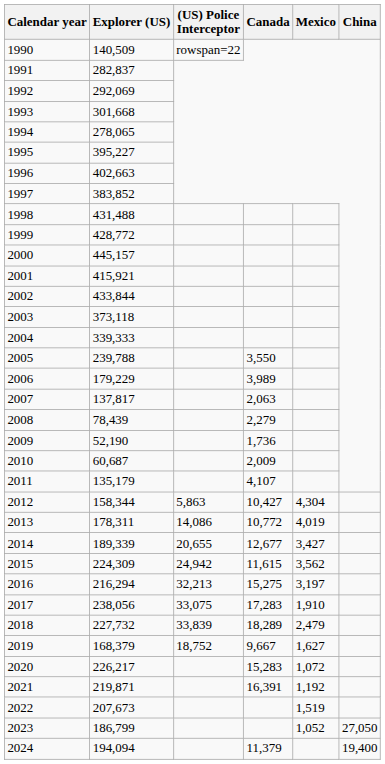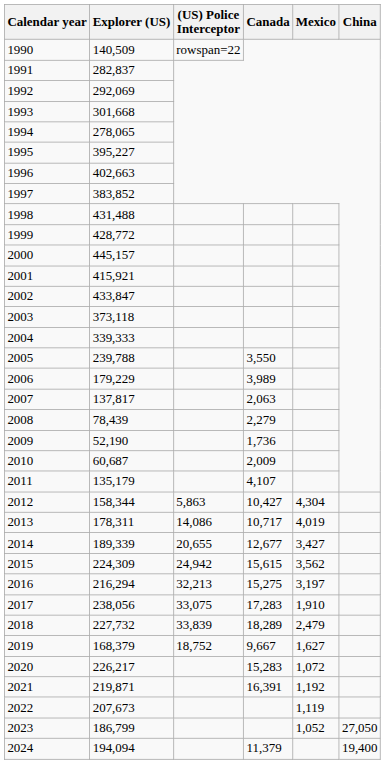 <table class="wikitable">
 <tr>
 <th>Calendar year</th>
 <th>Explorer (US)</th>
 <th>(US) Police <br> Interceptor</th>
 <th>Canada</th>
 <th>Mexico</th>
 <th>China</th>
 </tr>
 <tr>
 <td>1990</td>
 <td>140,509</td>
 <td>rowspan=22 </td>
 </tr>
 <tr>
 <td>1991</td>
 <td>282,837</td>
 </tr>
 <tr>
 <td>1992</td>
 <td>292,069</td>
 </tr>
 <tr>
 <td>1993</td>
 <td>301,668</td>
 </tr>
 <tr>
 <td>1994</td>
 <td>278,065</td>
 </tr>
 <tr>
 <td>1995</td>
 <td>395,227</td>
 </tr>
 <tr>
 <td>1996</td>
 <td>402,663</td>
 </tr>
 <tr>
 <td>1997</td>
 <td>383,852</td>
 </tr>
 <tr>
 <td>1998</td>
 <td>431,488</td>
 <td></td>
 <td></td>
 <td></td>
 </tr>
 <tr>
 <td>1999</td>
 <td>428,772</td>
 <td></td>
 <td></td>
 <td></td>
 </tr>
 <tr>
 <td>2000</td>
 <td>445,157</td>
 <td></td>
 <td></td>
 <td></td>
 </tr>
 <tr>
 <td>2001</td>
 <td>415,921</td>
 <td></td>
 <td></td>
 <td></td>
 </tr>
 <tr>
 <td>2002</td>
-<td>433,844</td>
+<td>433,847</td>
 <td></td>
 <td></td>
 <td></td>
 </tr>
 <tr>
 <td>2003</td>
 <td>373,118</td>
 <td></td>
 <td></td>
 <td></td>
 </tr>
 <tr>
 <td>2004</td>
 <td>339,333</td>
 <td></td>
 <td></td>
 <td></td>
 </tr>
 <tr>
 <td>2005</td>
 <td>239,788</td>
 <td></td>
 <td>3,550</td>
 <td></td>
 </tr>
 <tr>
 <td>2006</td>
 <td>179,229</td>
 <td></td>
 <td>3,989</td>
 <td></td>
 </tr>
 <tr>
 <td>2007</td>
 <td>137,817</td>
 <td></td>
 <td>2,063</td>
 <td></td>
 </tr>
 <tr>
 <td>2008</td>
 <td>78,439</td>
 <td></td>
 <td>2,279</td>
 <td></td>
 </tr>
 <tr>
 <td>2009</td>
 <td>52,190</td>
 <td></td>
 <td>1,736</td>
 <td></td>
 </tr>
 <tr>
 <td>2010</td>
 <td>60,687</td>
 <td></td>
 <td>2,009</td>
 <td></td>
 </tr>
 <tr>
 <td>2011</td>
 <td>135,179</td>
 <td></td>
 <td>4,107</td>
 <td></td>
 </tr>
 <tr>
 <td>2012</td>
 <td>158,344</td>
 <td>5,863</td>
 <td>10,427</td>
 <td>4,304</td>
 <td></td>
 </tr>
 <tr>
 <td>2013</td>
 <td>178,311</td>
 <td>14,086</td>
-<td>10,772</td>
+<td>10,717</td>
 <td>4,019</td>
 <td></td>
 </tr>
 <tr>
 <td>2014</td>
 <td>189,339</td>
 <td>20,655</td>
 <td>12,677</td>
 <td>3,427</td>
 <td></td>
 </tr>
 <tr>
 <td>2015</td>
 <td>224,309</td>
 <td>24,942</td>
-<td>11,615</td>
+<td>15,615</td>
 <td>3,562</td>
 <td></td>
 </tr>
 <tr>
 <td>2016</td>
 <td>216,294</td>
 <td>32,213</td>
 <td>15,275</td>
 <td>3,197</td>
 <td></td>
 </tr>
 <tr>
 <td>2017</td>
 <td>238,056</td>
 <td>33,075</td>
 <td>17,283</td>
 <td>1,910</td>
 <td></td>
 </tr>
 <tr>
 <td>2018</td>
 <td>227,732</td>
 <td>33,839</td>
 <td>18,289</td>
 <td>2,479</td>
 <td></td>
 </tr>
 <tr>
 <td>2019</td>
 <td>168,379</td>
 <td>18,752</td>
 <td>9,667</td>
 <td>1,627</td>
 <td></td>
 </tr>
 <tr>
 <td>2020</td>
 <td>226,217</td>
 <td></td>
 <td>15,283</td>
 <td>1,072</td>
 <td></td>
 </tr>
 <tr>
 <td>2021</td>
 <td>219,871</td>
 <td></td>
 <td>16,391</td>
 <td>1,192</td>
 <td></td>
 </tr>
 <tr>
 <td>2022</td>
 <td>207,673</td>
 <td></td>
 <td></td>
-<td>1,519</td>
+<td>1,119</td>
 <td></td>
 </tr>
 <tr>
 <td>2023</td>
 <td>186,799</td>
 <td></td>
 <td></td>
 <td>1,052</td>
 <td>27,050</td>
 </tr>
 <tr>
 <td>2024</td>
 <td>194,094</td>
 <td></td>
 <td>11,379</td>
 <td></td>
 <td>19,400</td>
 </tr>
 </table>
